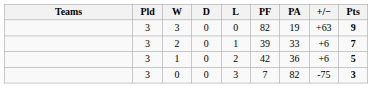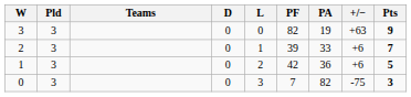 <table class="wikitable" style="text-align: center;">
 <tr>
+<th width="40">W</th>
+<th width="40">Pld</th>
 <th width="200">Teams</th>
-<th width="40">Pld</th>
-<th width="40">W</th>
 <th width="40">D</th>
 <th width="40">L</th>
 <th width="40">PF</th>
 <th width="40">PA</th>
 <th width="40">+/−</th>
 <th width="40">Pts</th>
 </tr>
 <tr>
-<td align=left></td>
 <td>3</td>
 <td>3</td>
+<td align=left></td>
 <td>0</td>
 <td>0</td>
 <td>82</td>
 <td>19</td>
 <td>+63</td>
 <td><strong>9</strong></td>
 </tr>
 <tr>
+<td>2</td>
+<td>3</td>
 <td align=left></td>
-<td>3</td>
-<td>2</td>
 <td>0</td>
 <td>1</td>
 <td>39</td>
 <td>33</td>
 <td>+6</td>
 <td><strong>7</strong></td>
 </tr>
 <tr>
+<td>1</td>
+<td>3</td>
 <td align=left></td>
-<td>3</td>
-<td>1</td>
 <td>0</td>
 <td>2</td>
 <td>42</td>
 <td>36</td>
 <td>+6</td>
 <td><strong>5</strong></td>
 </tr>
 <tr>
+<td>0</td>
+<td>3</td>
 <td align=left></td>
-<td>3</td>
-<td>0</td>
 <td>0</td>
 <td>3</td>
 <td>7</td>
 <td>82</td>
 <td>-75</td>
 <td><strong>3</strong></td>
 </tr>
 </table>
